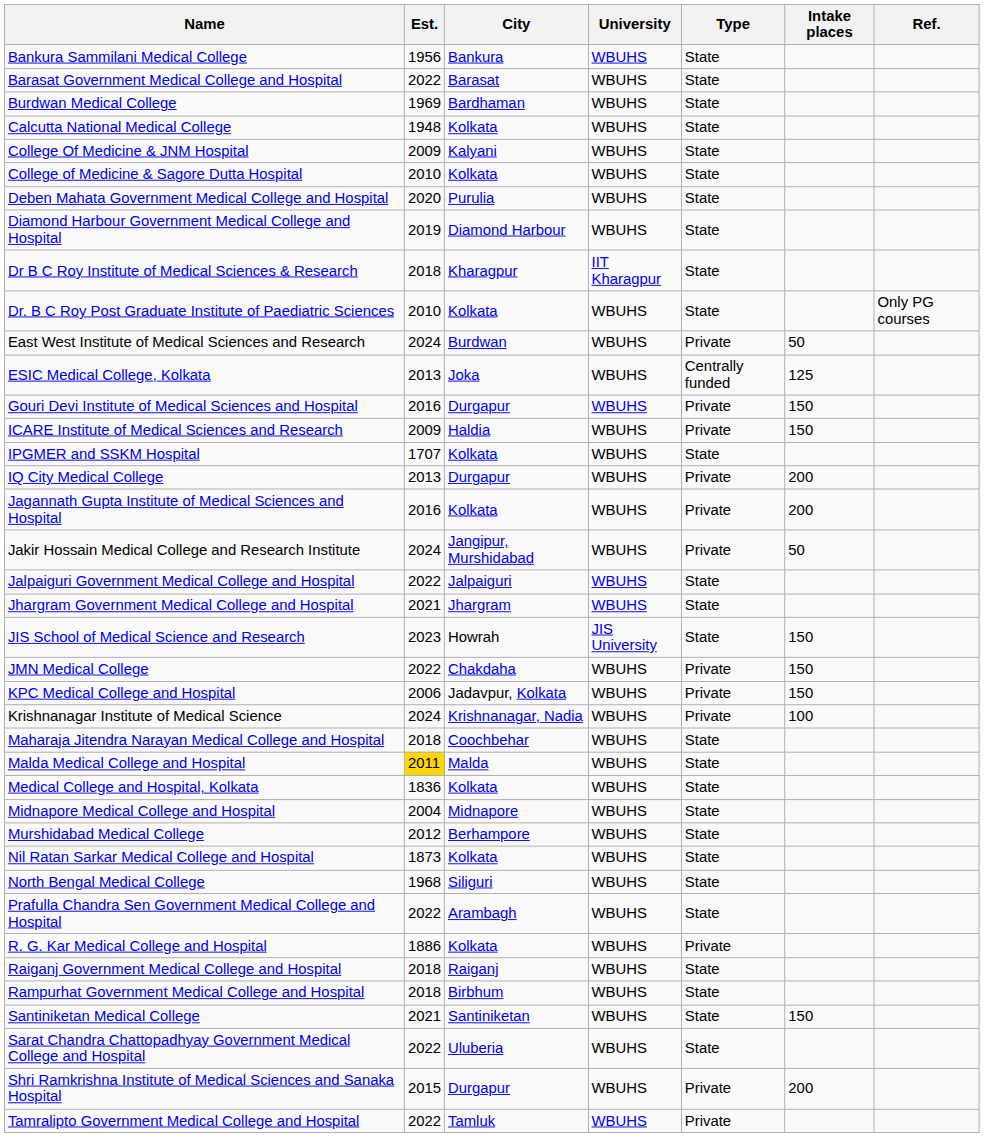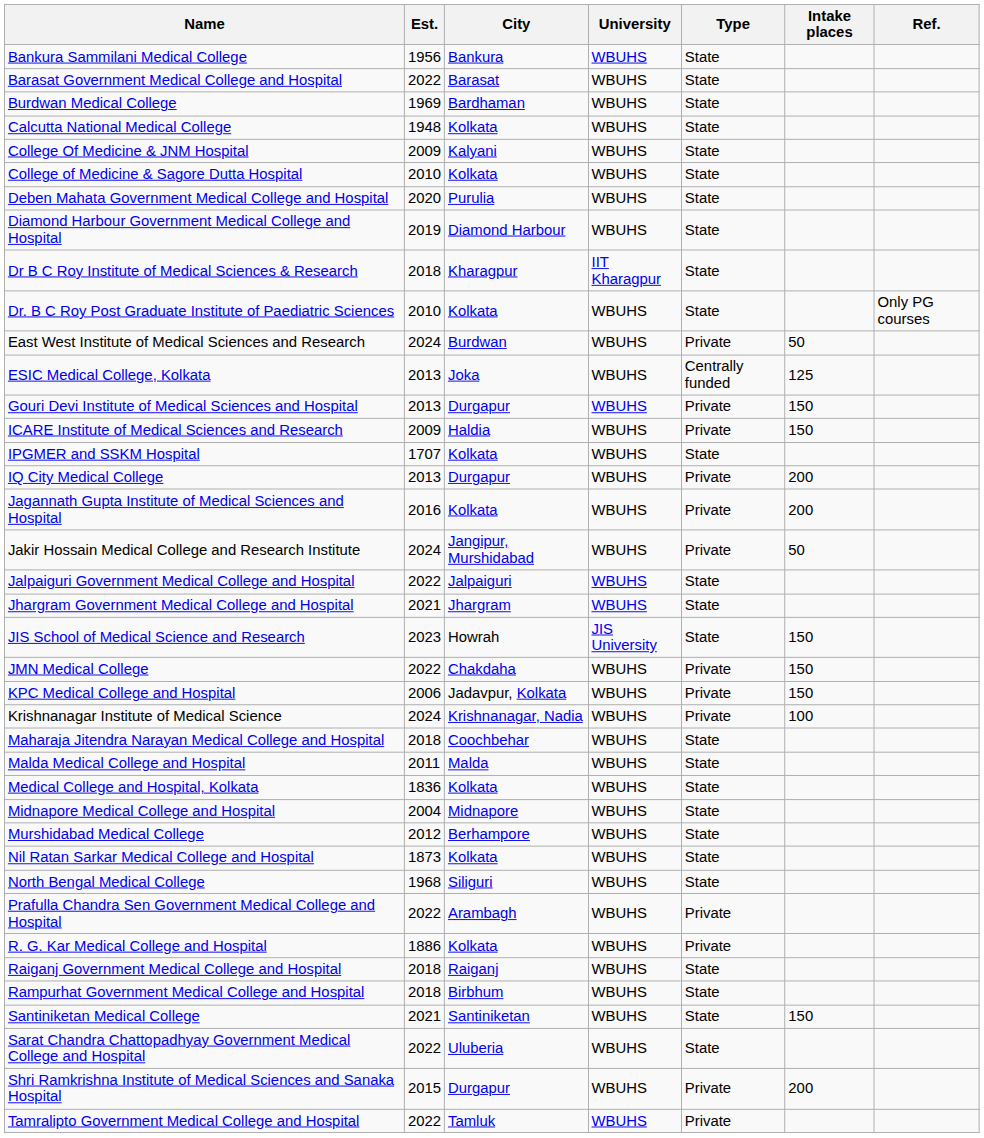 <table class="wikitable sortable static-row-numbers sticky-header collapsible plainrowheaders" style="-align:left; width:83%;">
 <tr>
 <th>Name</th>
 <th>Est.</th>
 <th>City</th>
 <th>University</th>
 <th>Type</th>
 <th>Intake places</th>
 <th>Ref.</th>
 </tr>
 <tr>
 <td><a href='#'>Bankura Sammilani Medical College</a></td>
 <td>1956</td>
 <td><a href='#'>Bankura</a></td>
 <td><a href='#'>WBUHS</a></td>
 <td>State</td>
 <td></td>
 <td></td>
 </tr>
 <tr>
 <td><a href='#'>Barasat Government Medical College and Hospital</a></td>
 <td>2022</td>
 <td><a href='#'>Barasat</a></td>
 <td>WBUHS</td>
 <td>State</td>
 <td></td>
 <td></td>
 </tr>
 <tr>
 <td><a href='#'>Burdwan Medical College</a></td>
 <td>1969</td>
 <td><a href='#'>Bardhaman</a></td>
 <td>WBUHS</td>
 <td>State</td>
 <td></td>
 <td></td>
 </tr>
 <tr>
 <td><a href='#'>Calcutta National Medical College</a></td>
 <td>1948</td>
 <td><a href='#'>Kolkata</a></td>
 <td>WBUHS</td>
 <td>State</td>
 <td></td>
 <td></td>
 </tr>
 <tr>
 <td><a href='#'>College Of Medicine & JNM Hospital</a></td>
 <td>2009</td>
 <td><a href='#'>Kalyani</a></td>
 <td>WBUHS</td>
 <td>State</td>
 <td></td>
 <td></td>
 </tr>
 <tr>
 <td><a href='#'>College of Medicine & Sagore Dutta Hospital</a></td>
 <td>2010</td>
 <td><a href='#'>Kolkata</a></td>
 <td>WBUHS</td>
 <td>State</td>
 <td></td>
 <td></td>
 </tr>
 <tr>
 <td><a href='#'>Deben Mahata Government Medical College and Hospital</a></td>
 <td>2020</td>
 <td><a href='#'>Purulia</a></td>
 <td>WBUHS</td>
 <td>State</td>
 <td></td>
 <td></td>
 </tr>
 <tr>
 <td><a href='#'>Diamond Harbour Government Medical College and Hospital</a></td>
 <td>2019</td>
 <td><a href='#'>Diamond Harbour</a></td>
 <td>WBUHS</td>
 <td>State</td>
 <td></td>
 <td></td>
 </tr>
 <tr>
 <td><a href='#'>Dr B C Roy Institute of Medical Sciences & Research</a></td>
 <td>2018</td>
 <td><a href='#'>Kharagpur</a></td>
 <td><a href='#'>IIT Kharagpur</a></td>
 <td>State</td>
 <td></td>
 <td></td>
 </tr>
 <tr>
 <td><a href='#'>Dr. B C Roy Post Graduate Institute of Paediatric Sciences</a></td>
 <td>2010</td>
 <td><a href='#'>Kolkata</a></td>
 <td>WBUHS</td>
 <td>State</td>
 <td></td>
 <td>Only PG courses</td>
 </tr>
 <tr>
 <td>East West Institute of Medical Sciences and Research</td>
 <td>2024</td>
 <td><a href='#'>Burdwan</a></td>
 <td>WBUHS</td>
 <td>Private</td>
 <td>50</td>
 <td></td>
 </tr>
 <tr>
 <td><a href='#'>ESIC Medical College, Kolkata</a></td>
 <td>2013</td>
 <td><a href='#'>Joka</a></td>
 <td>WBUHS</td>
 <td>Centrally funded</td>
 <td>125</td>
 <td></td>
 </tr>
 <tr>
 <td><a href='#'>Gouri Devi Institute of Medical Sciences and Hospital</a></td>
-<td>2016</td>
+<td>2013</td>
 <td><a href='#'>Durgapur</a></td>
 <td><a href='#'>WBUHS</a></td>
 <td>Private</td>
 <td>150</td>
 <td></td>
 </tr>
 <tr>
 <td><a href='#'>ICARE Institute of Medical Sciences and Research</a></td>
 <td>2009</td>
 <td><a href='#'>Haldia</a></td>
 <td>WBUHS</td>
 <td>Private</td>
 <td>150</td>
 <td></td>
 </tr>
 <tr>
 <td><a href='#'>IPGMER and SSKM Hospital</a></td>
 <td>1707</td>
 <td><a href='#'>Kolkata</a></td>
 <td>WBUHS</td>
 <td>State</td>
 <td></td>
 <td></td>
 </tr>
 <tr>
 <td><a href='#'>IQ City Medical College</a></td>
 <td>2013</td>
 <td><a href='#'>Durgapur</a></td>
 <td>WBUHS</td>
 <td>Private</td>
 <td>200</td>
 <td></td>
 </tr>
 <tr>
 <td><a href='#'>Jagannath Gupta Institute of Medical Sciences and Hospital</a></td>
 <td>2016</td>
 <td><a href='#'>Kolkata</a></td>
 <td>WBUHS</td>
 <td>Private</td>
 <td>200</td>
 <td></td>
 </tr>
 <tr>
 <td>Jakir Hossain Medical College and Research Institute</td>
 <td>2024</td>
 <td><a href='#'>Jangipur, Murshidabad</a></td>
 <td>WBUHS</td>
 <td>Private</td>
 <td>50</td>
 <td></td>
 </tr>
 <tr>
 <td><a href='#'>Jalpaiguri Government Medical College and Hospital</a></td>
 <td>2022</td>
 <td><a href='#'>Jalpaiguri</a></td>
 <td><a href='#'>WBUHS</a></td>
 <td>State</td>
 <td></td>
 <td></td>
 </tr>
 <tr>
 <td><a href='#'>Jhargram Government Medical College and Hospital</a></td>
 <td>2021</td>
 <td><a href='#'>Jhargram</a></td>
 <td><a href='#'>WBUHS</a></td>
 <td>State</td>
 <td></td>
 <td></td>
 </tr>
 <tr>
 <td><a href='#'>JIS School of Medical Science and Research</a></td>
 <td>2023</td>
 <td>Howrah</td>
 <td><a href='#'>JIS University</a></td>
 <td>State</td>
 <td>150</td>
 <td></td>
 </tr>
 <tr>
 <td><a href='#'>JMN Medical College</a></td>
 <td>2022</td>
 <td><a href='#'>Chakdaha</a></td>
 <td>WBUHS</td>
 <td>Private</td>
 <td>150</td>
 <td></td>
 </tr>
 <tr>
 <td><a href='#'>KPC Medical College and Hospital</a></td>
 <td>2006</td>
 <td>Jadavpur, <a href='#'>Kolkata</a></td>
 <td>WBUHS</td>
 <td>Private</td>
 <td>150</td>
 <td></td>
 </tr>
 <tr>
 <td>Krishnanagar Institute of Medical Science</td>
 <td>2024</td>
 <td><a href='#'>Krishnanagar, Nadia</a></td>
 <td>WBUHS</td>
 <td>Private</td>
 <td>100</td>
 <td></td>
 </tr>
 <tr>
 <td><a href='#'>Maharaja Jitendra Narayan Medical College and Hospital</a></td>
 <td>2018</td>
 <td><a href='#'>Coochbehar</a></td>
 <td>WBUHS</td>
 <td>State</td>
 <td></td>
 <td></td>
 </tr>
 <tr>
 <td><a href='#'>Malda Medical College and Hospital</a></td>
-<td style="background: gold;">2011</td>
+<td>2011</td>
 <td><a href='#'>Malda</a></td>
 <td>WBUHS</td>
 <td>State</td>
 <td></td>
 <td></td>
 </tr>
 <tr>
 <td><a href='#'>Medical College and Hospital, Kolkata</a></td>
 <td>1836</td>
 <td><a href='#'>Kolkata</a></td>
 <td>WBUHS</td>
 <td>State</td>
 <td></td>
 <td></td>
 </tr>
 <tr>
 <td><a href='#'>Midnapore Medical College and Hospital</a></td>
 <td>2004</td>
 <td><a href='#'>Midnapore</a></td>
 <td>WBUHS</td>
 <td>State</td>
 <td></td>
 <td></td>
 </tr>
 <tr>
 <td><a href='#'>Murshidabad Medical College</a></td>
 <td>2012</td>
 <td><a href='#'>Berhampore</a></td>
 <td>WBUHS</td>
 <td>State</td>
 <td></td>
 <td></td>
 </tr>
 <tr>
 <td><a href='#'>Nil Ratan Sarkar Medical College and Hospital</a></td>
 <td>1873</td>
 <td><a href='#'>Kolkata</a></td>
 <td>WBUHS</td>
 <td>State</td>
 <td></td>
 <td></td>
 </tr>
 <tr>
 <td><a href='#'>North Bengal Medical College</a></td>
 <td>1968</td>
 <td><a href='#'>Siliguri</a></td>
 <td>WBUHS</td>
 <td>State</td>
 <td></td>
 <td></td>
 </tr>
 <tr>
 <td><a href='#'>Prafulla Chandra Sen Government Medical College and Hospital</a></td>
 <td>2022</td>
 <td><a href='#'>Arambagh</a></td>
 <td>WBUHS</td>
-<td>State</td>
+<td>Private</td>
 <td></td>
 <td></td>
 </tr>
 <tr>
 <td><a href='#'>R. G. Kar Medical College and Hospital</a></td>
 <td>1886</td>
 <td><a href='#'>Kolkata</a></td>
 <td>WBUHS</td>
 <td>Private</td>
 <td></td>
 <td></td>
 </tr>
 <tr>
 <td><a href='#'>Raiganj Government Medical College and Hospital</a></td>
 <td>2018</td>
 <td><a href='#'>Raiganj</a></td>
 <td>WBUHS</td>
 <td>State</td>
 <td></td>
 <td></td>
 </tr>
 <tr>
 <td><a href='#'>Rampurhat Government Medical College and Hospital</a></td>
 <td>2018</td>
 <td><a href='#'>Birbhum</a></td>
 <td>WBUHS</td>
 <td>State</td>
 <td></td>
 <td></td>
 </tr>
 <tr>
 <td><a href='#'>Santiniketan Medical College</a></td>
 <td>2021</td>
 <td><a href='#'>Santiniketan</a></td>
 <td>WBUHS</td>
 <td>State</td>
 <td>150</td>
 <td></td>
 </tr>
 <tr>
 <td><a href='#'>Sarat Chandra Chattopadhyay Government Medical College and Hospital</a></td>
 <td>2022</td>
 <td><a href='#'>Uluberia</a></td>
 <td>WBUHS</td>
 <td>State</td>
 <td></td>
 <td></td>
 </tr>
 <tr>
 <td><a href='#'>Shri Ramkrishna Institute of Medical Sciences and Sanaka Hospital</a></td>
 <td>2015</td>
 <td><a href='#'>Durgapur</a></td>
 <td>WBUHS</td>
 <td>Private</td>
 <td>200</td>
 <td></td>
 </tr>
 <tr>
 <td><a href='#'>Tamralipto Government Medical College and Hospital</a></td>
 <td>2022</td>
 <td><a href='#'>Tamluk</a></td>
 <td><a href='#'>WBUHS</a></td>
 <td>Private</td>
 <td></td>
 <td></td>
 </tr>
 </table>
